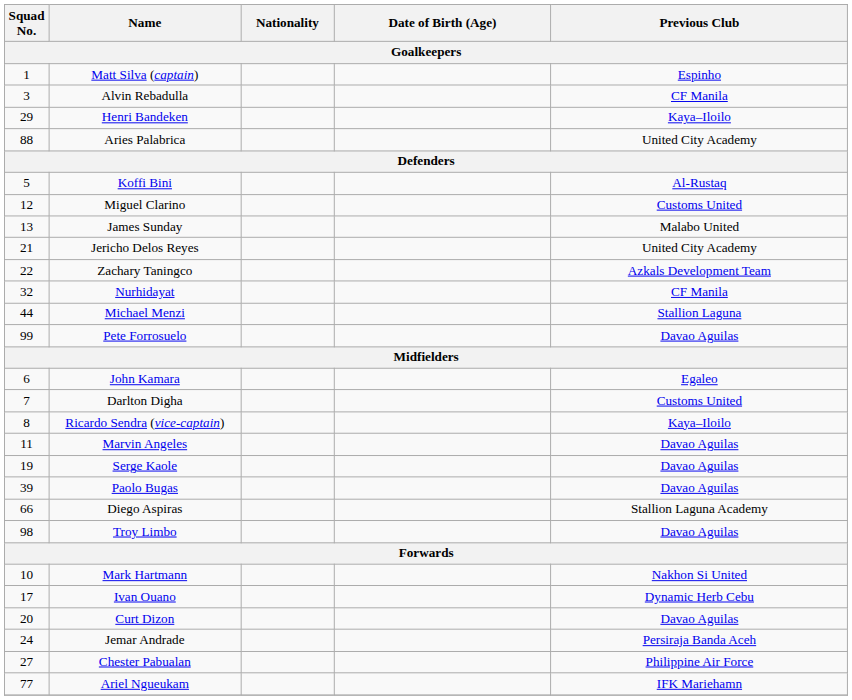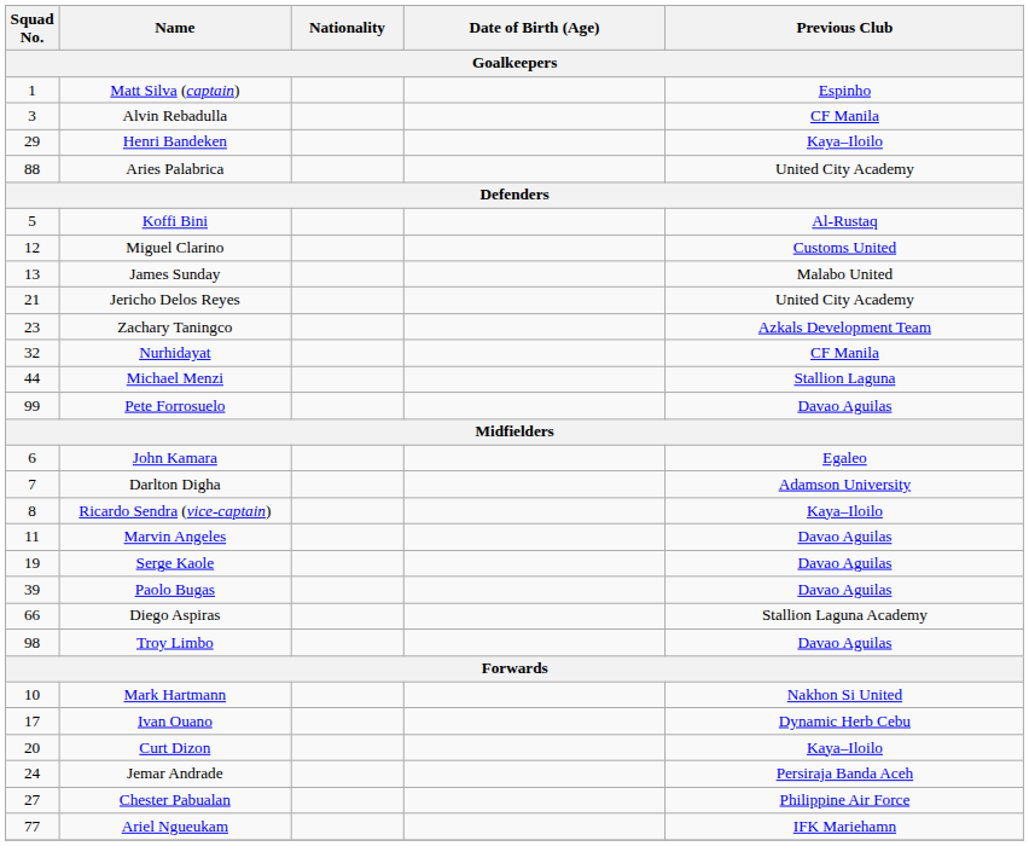 <table class="wikitable" style="text-align:center; font-size:85%;">
 <tr>
 <th style="width:40px;">Squad No.</th>
 <th style="width:250px;">Name</th>
 <th style="width:100px;">Nationality</th>
 <th style="width:300px;">Date of Birth (Age)</th>
 <th style="width:400px;">Previous Club</th>
 </tr>
 <tr>
 <th colspan=5>Goalkeepers</th>
 </tr>
 <tr>
 <td>1</td>
 <td><a href='#'>Matt Silva</a> (<em><a href='#'>captain</a></em>)</td>
 <td> </td>
 <td></td>
 <td> <a href='#'>Espinho</a></td>
 </tr>
 <tr>
 <td>3</td>
 <td>Alvin Rebadulla</td>
 <td></td>
 <td></td>
 <td> <a href='#'>CF Manila</a></td>
 </tr>
 <tr>
 <td>29</td>
 <td><a href='#'>Henri Bandeken</a></td>
 <td></td>
 <td></td>
 <td> <a href='#'>Kaya–Iloilo</a></td>
 </tr>
 <tr>
 <td>88</td>
 <td>Aries Palabrica</td>
 <td></td>
 <td></td>
 <td> United City Academy</td>
 </tr>
 <tr>
 <th colspan=5>Defenders</th>
 </tr>
 <tr>
 <td>5</td>
 <td><a href='#'>Koffi Bini</a></td>
 <td></td>
 <td></td>
 <td> <a href='#'>Al-Rustaq</a></td>
 </tr>
 <tr>
 <td>12</td>
 <td>Miguel Clarino</td>
 <td></td>
 <td></td>
 <td> <a href='#'>Customs United</a></td>
 </tr>
 <tr>
 <td>13</td>
 <td>James Sunday</td>
 <td></td>
 <td></td>
 <td> Malabo United</td>
 </tr>
 <tr>
 <td>21</td>
 <td>Jericho Delos Reyes</td>
 <td></td>
 <td></td>
 <td> United City Academy</td>
 </tr>
 <tr>
-<td>22</td>
+<td>23</td>
 <td>Zachary Taningco</td>
 <td></td>
 <td></td>
 <td> <a href='#'>Azkals Development Team</a></td>
 </tr>
 <tr>
 <td>32</td>
 <td><a href='#'>Nurhidayat</a></td>
 <td></td>
 <td></td>
 <td> <a href='#'>CF Manila</a></td>
 </tr>
 <tr>
 <td>44</td>
 <td><a href='#'>Michael Menzi</a></td>
 <td></td>
 <td></td>
 <td> <a href='#'>Stallion Laguna</a></td>
 </tr>
 <tr>
 <td>99</td>
 <td><a href='#'>Pete Forrosuelo</a></td>
 <td></td>
 <td></td>
 <td> <a href='#'>Davao Aguilas</a></td>
 </tr>
 <tr>
 <th colspan=5>Midfielders</th>
 </tr>
 <tr>
 <td>6</td>
 <td><a href='#'>John Kamara</a></td>
 <td></td>
 <td></td>
 <td> <a href='#'>Egaleo</a></td>
 </tr>
 <tr>
 <td>7</td>
 <td>Darlton Digha</td>
 <td></td>
 <td></td>
-<td> <a href='#'>Customs United</a></td>
+<td> <a href='#'>Adamson University</a></td>
 </tr>
 <tr>
 <td>8</td>
 <td><a href='#'>Ricardo Sendra</a> (<em><a href='#'>vice-captain</a></em>)</td>
 <td></td>
 <td></td>
 <td> <a href='#'>Kaya–Iloilo</a></td>
 </tr>
 <tr>
 <td>11</td>
 <td><a href='#'>Marvin Angeles</a></td>
 <td> </td>
 <td></td>
 <td> <a href='#'>Davao Aguilas</a></td>
 </tr>
 <tr>
 <td>19</td>
 <td><a href='#'>Serge Kaole</a></td>
 <td></td>
 <td></td>
 <td> <a href='#'>Davao Aguilas</a></td>
 </tr>
 <tr>
 <td>39</td>
 <td><a href='#'>Paolo Bugas</a></td>
 <td></td>
 <td></td>
 <td> <a href='#'>Davao Aguilas</a></td>
 </tr>
 <tr>
 <td>66</td>
 <td>Diego Aspiras</td>
 <td></td>
 <td></td>
 <td> Stallion Laguna Academy</td>
 </tr>
 <tr>
 <td>98</td>
 <td><a href='#'>Troy Limbo</a></td>
 <td></td>
 <td></td>
 <td> <a href='#'>Davao Aguilas</a></td>
 </tr>
 <tr>
 <th colspan=5>Forwards</th>
 </tr>
 <tr>
 <td>10</td>
 <td><a href='#'>Mark Hartmann</a></td>
 <td> </td>
 <td></td>
 <td> <a href='#'>Nakhon Si United</a></td>
 </tr>
 <tr>
 <td>17</td>
 <td><a href='#'>Ivan Ouano</a></td>
 <td></td>
 <td></td>
 <td> <a href='#'>Dynamic Herb Cebu</a></td>
 </tr>
 <tr>
 <td>20</td>
 <td><a href='#'>Curt Dizon</a></td>
 <td> </td>
 <td></td>
-<td> <a href='#'>Davao Aguilas</a></td>
+<td> <a href='#'>Kaya–Iloilo</a></td>
 </tr>
 <tr>
 <td>24</td>
 <td>Jemar Andrade</td>
 <td></td>
 <td></td>
 <td> <a href='#'>Persiraja Banda Aceh</a></td>
 </tr>
 <tr>
 <td>27</td>
 <td><a href='#'>Chester Pabualan</a></td>
 <td></td>
 <td></td>
 <td> <a href='#'>Philippine Air Force</a></td>
 </tr>
 <tr>
 <td>77</td>
 <td><a href='#'>Ariel Ngueukam</a></td>
 <td></td>
 <td></td>
 <td> <a href='#'>IFK Mariehamn</a></td>
 </tr>
 <tr>
 </tr>
 </table>
